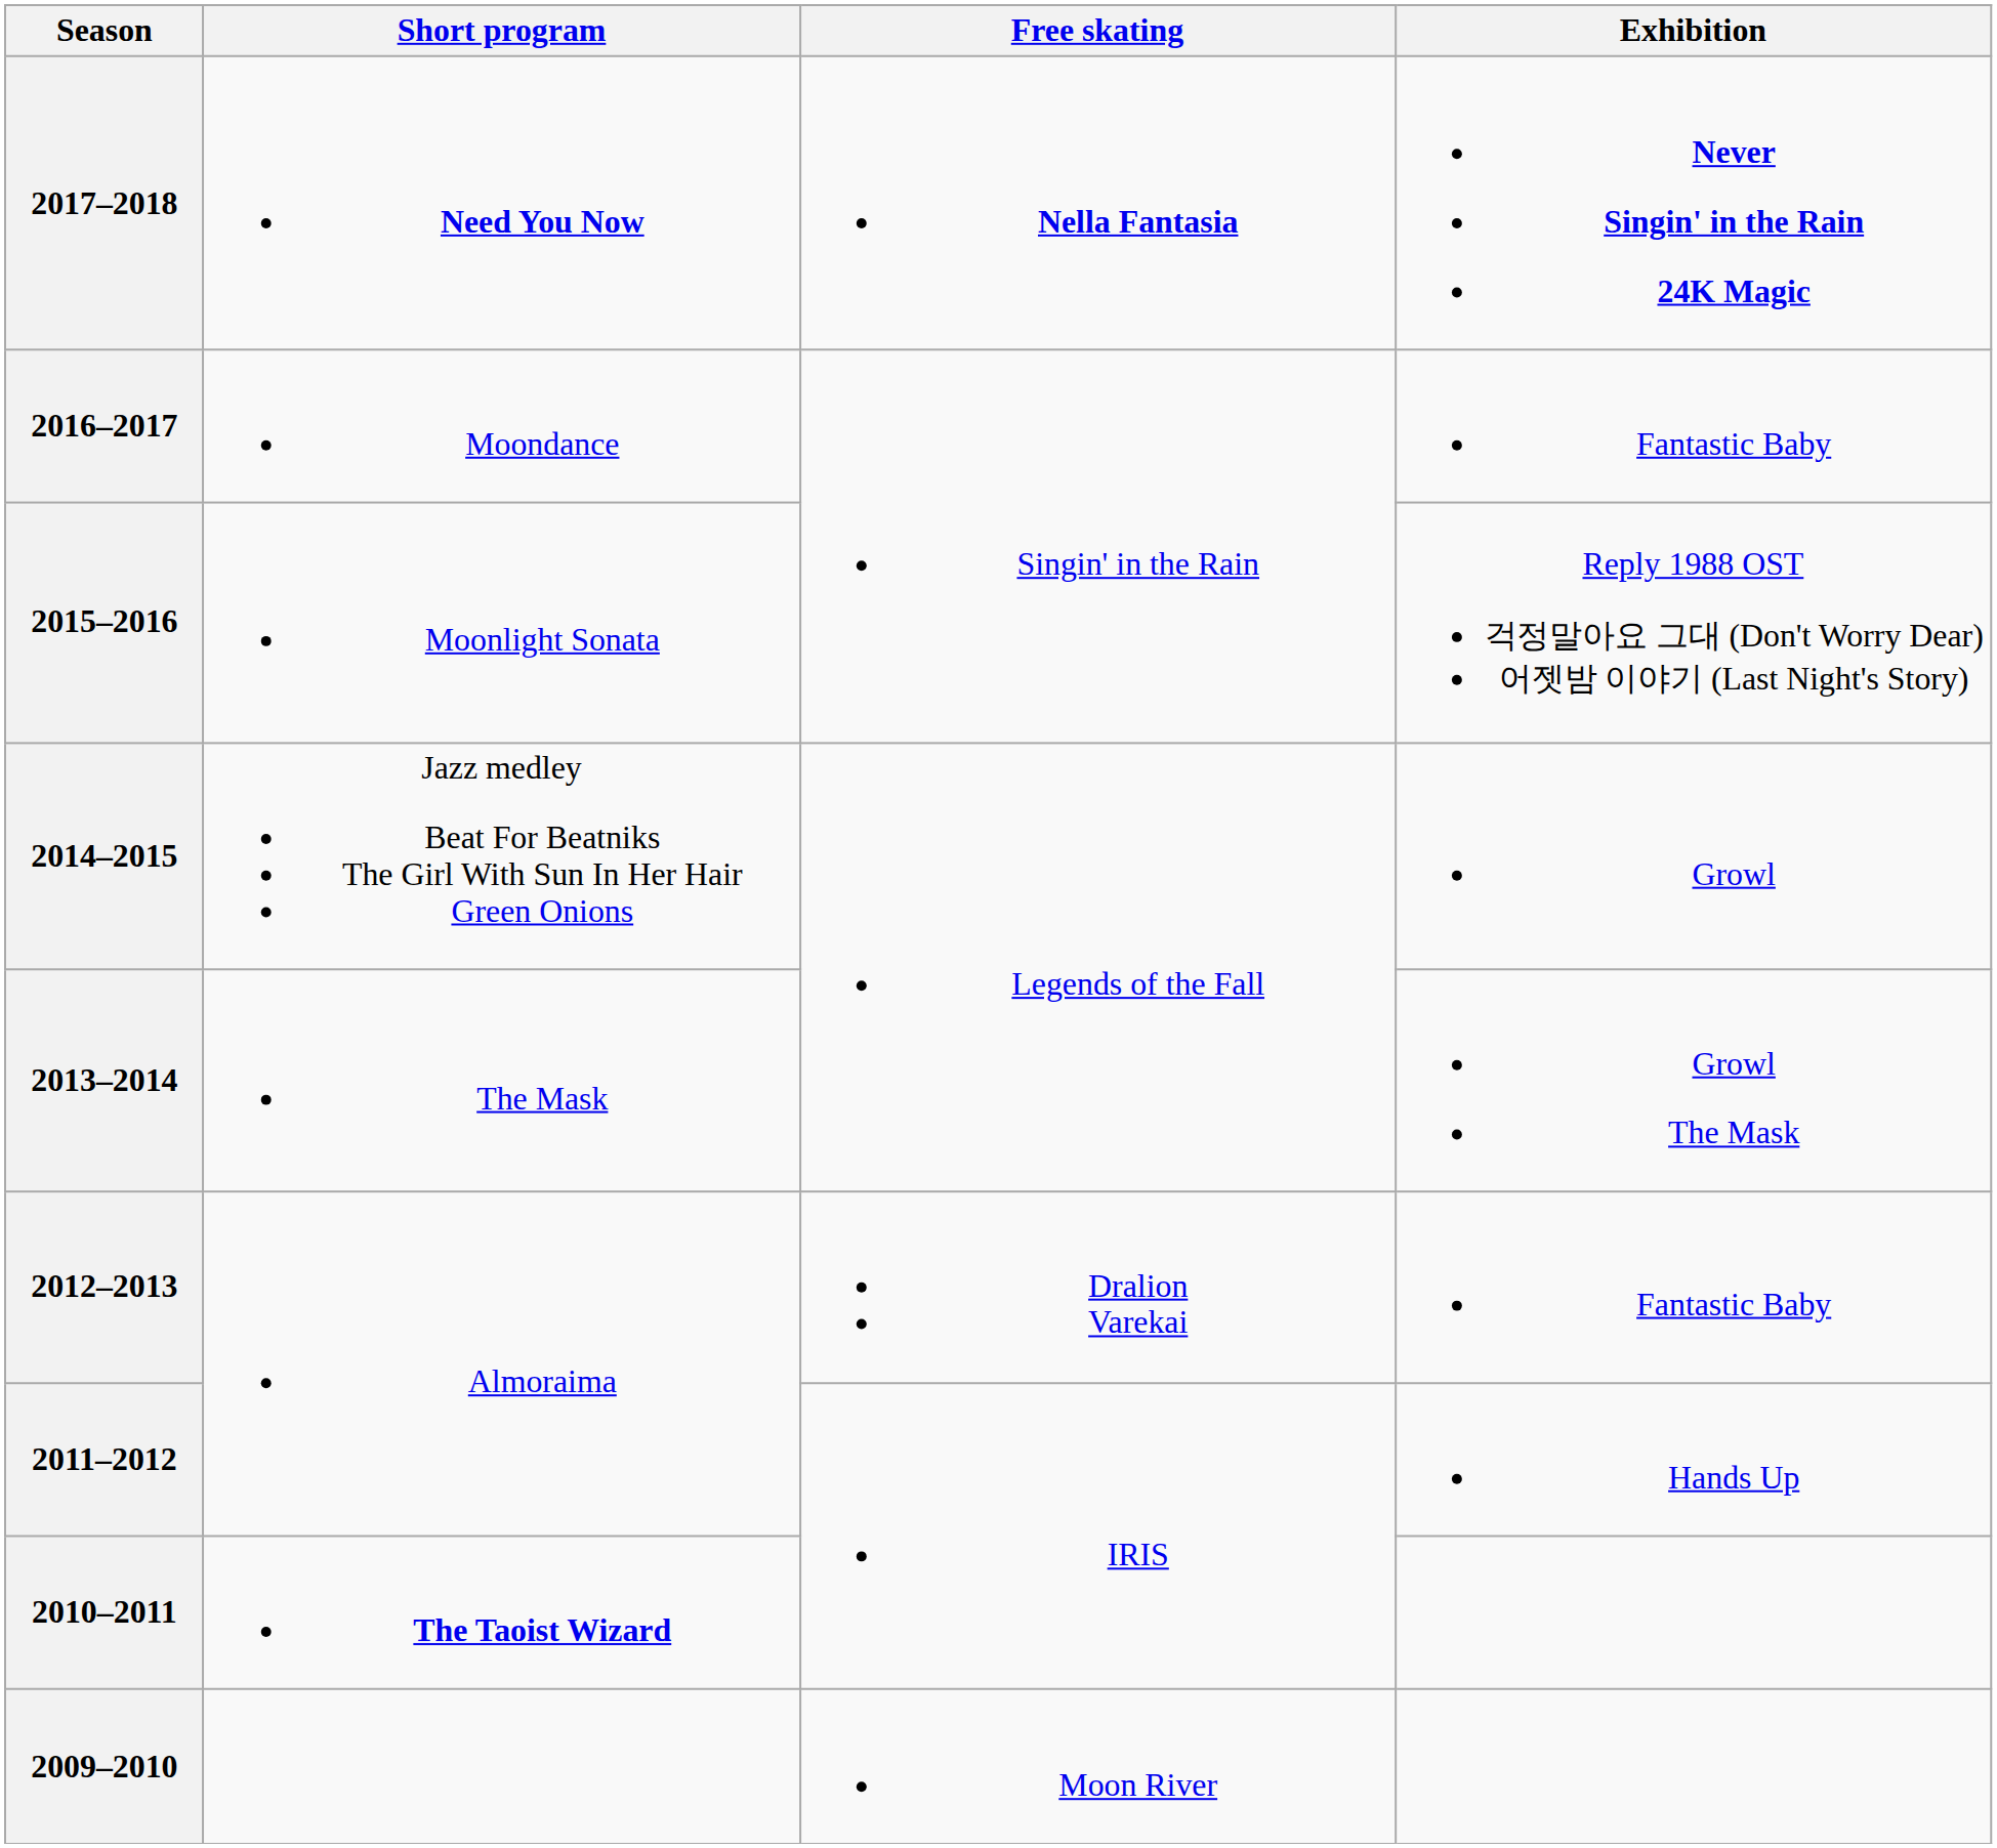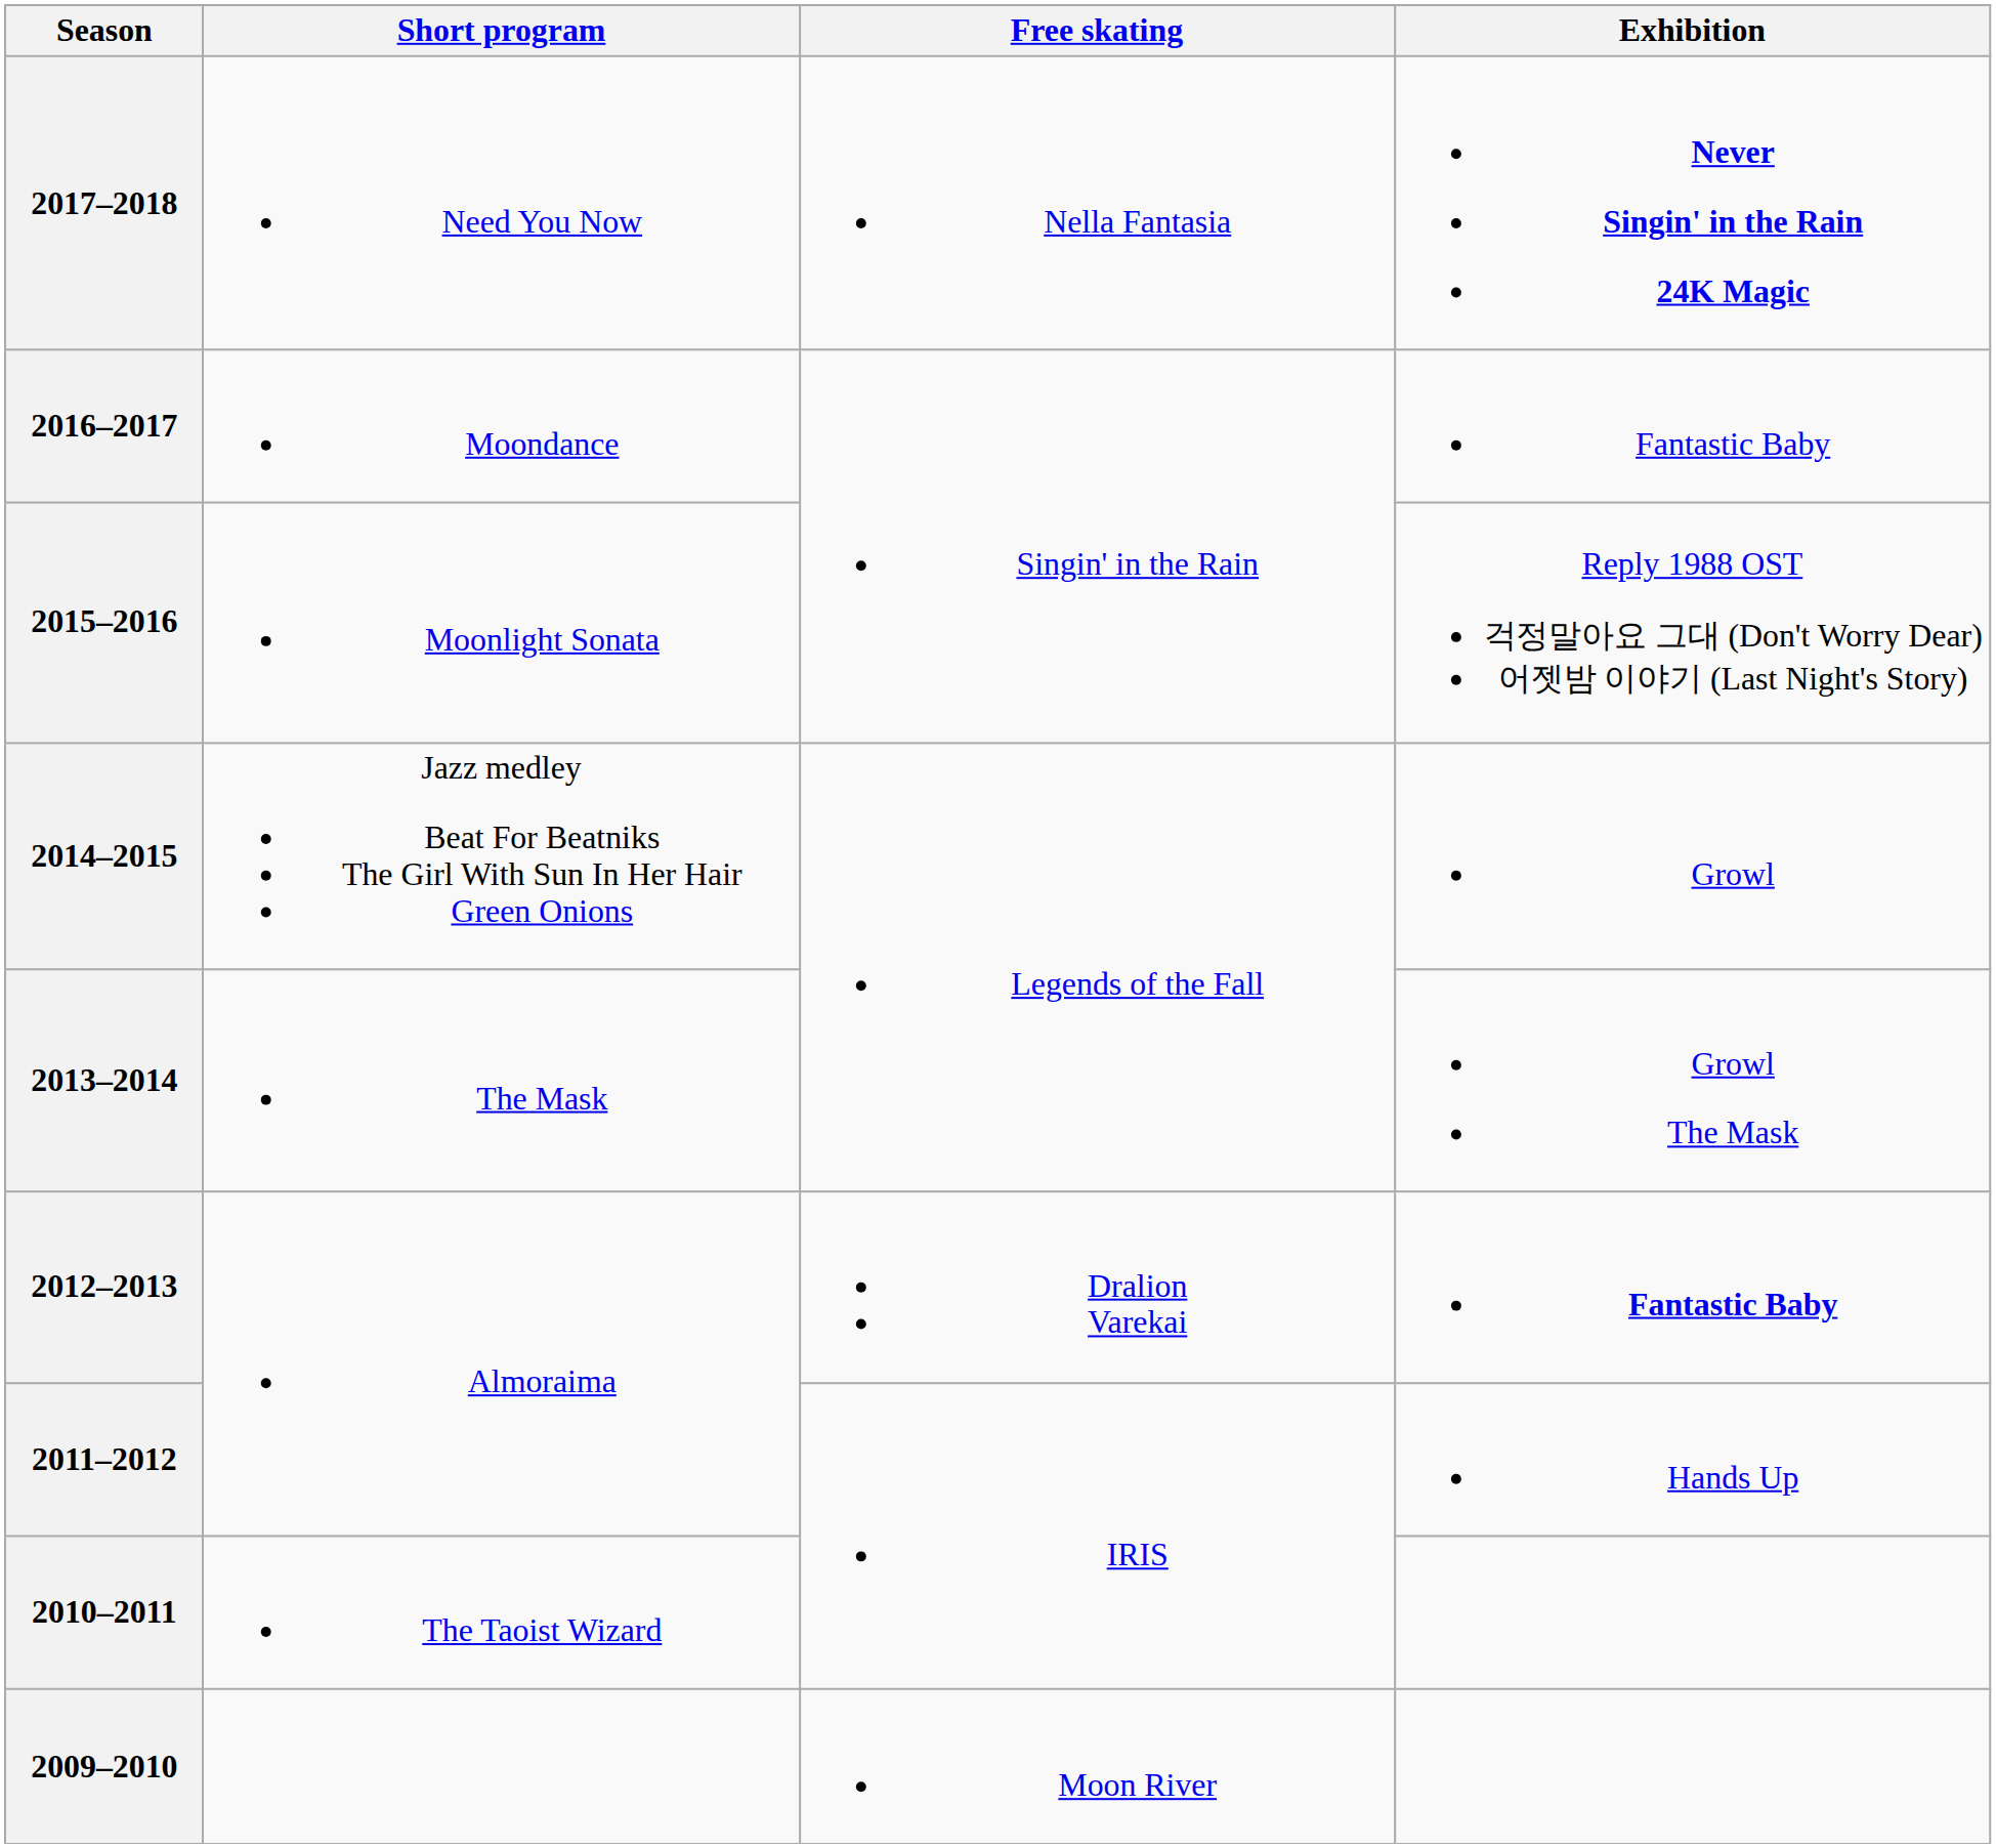 <table class="wikitable" style="text-align:center">
 <tr>
 <th width="10%">Season</th>
 <th width="30%"><a href='#'>Short program</a></th>
 <th width="30%"><a href='#'>Free skating</a></th>
 <th width="30%">Exhibition</th>
 </tr>
 <tr>
 <th>2017–2018 <br> </th>
-<td><strong><br><ul><li><a href='#'>Need You Now</a> <br> </li></ul></strong></td>
-<td><strong><br><ul><li><a href='#'>Nella Fantasia</a> <br> </li></ul></strong></td>
+<td><br><ul><li><a href='#'>Need You Now</a> <br> </li></ul></td>
+<td><br><ul><li><a href='#'>Nella Fantasia</a> <br> </li></ul></td>
 <td><strong><br><ul><li><a href='#'>Never</a> <br></li></ul><ul><li><a href='#'>Singin' in the Rain</a> <br></li></ul><ul><li><a href='#'>24K Magic</a> <br> </li></ul></strong></td>
 </tr>
 <tr>
 <th>2016–2017 <br> </th>
 <td><br><ul><li><a href='#'>Moondance</a> <br> </li></ul></td>
 <td rowspan=2><br><ul><li><a href='#'>Singin' in the Rain</a> <br> </li></ul></td>
 <td><br><ul><li><a href='#'>Fantastic Baby</a> <br> </li></ul></td>
 </tr>
 <tr>
 <th>2015–2016 <br> </th>
 <td><br><ul><li><a href='#'>Moonlight Sonata</a> <br> </li></ul></td>
 <td><br> <a href='#'>Reply 1988 OST</a><ul><li>걱정말아요 그대 (Don't Worry Dear) <br> </li><li>어젯밤 이야기 (Last Night's Story) <br> </li></ul></td>
 </tr>
 <tr>
 <th>2014–2015 <br> </th>
 <td>Jazz medley<br><ul><li>Beat For Beatniks <br> </li><li>The Girl With Sun In Her Hair <br> </li><li><a href='#'>Green Onions</a> <br> </li></ul></td>
 <td rowspan=2><br><ul><li><a href='#'>Legends of the Fall</a> <br></li></ul></td>
 <td><br><ul><li><a href='#'>Growl</a> <br></li></ul></td>
 </tr>
 <tr>
 <th>2013–2014 <br> </th>
 <td><br><ul><li><a href='#'>The Mask</a> <br></li></ul></td>
 <td><br><ul><li><a href='#'>Growl</a> <br></li></ul><ul><li><a href='#'>The Mask</a> <br></li></ul></td>
 </tr>
 <tr>
 <th>2012–2013 <br> </th>
 <td rowspan=2><br><ul><li><a href='#'>Almoraima</a> <br></li></ul></td>
 <td><br><ul><li><a href='#'>Dralion</a></li><li><a href='#'>Varekai</a> <br></li></ul></td>
-<td><br><ul><li><a href='#'>Fantastic Baby</a> <br></li></ul></td>
+<td><strong><br><ul><li><a href='#'>Fantastic Baby</a> <br></li></ul></strong></td>
 </tr>
 <tr>
 <th>2011–2012</th>
 <td rowspan=2><br><ul><li><a href='#'>IRIS</a><br></li></ul></td>
 <td><br><ul><li><a href='#'>Hands Up</a> <br></li></ul></td>
 </tr>
 <tr>
 <th>2010–2011</th>
-<td><strong><br><ul><li><a href='#'>The Taoist Wizard</a></li></ul></strong></td>
+<td><br><ul><li><a href='#'>The Taoist Wizard</a></li></ul></td>
 <td></td>
 </tr>
 <tr>
 <th>2009–2010</th>
 <td></td>
 <td><br><ul><li><a href='#'>Moon River</a> <br></li></ul></td>
 <td></td>
 </tr>
 </table>
